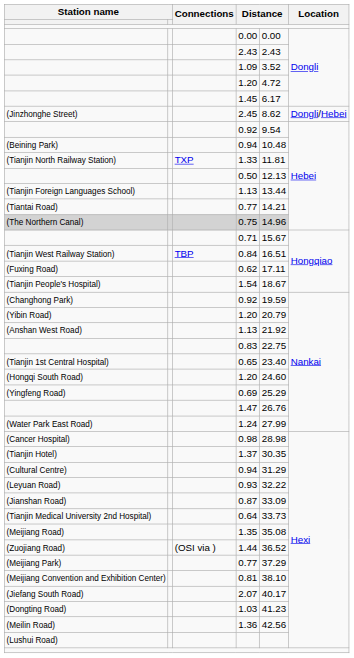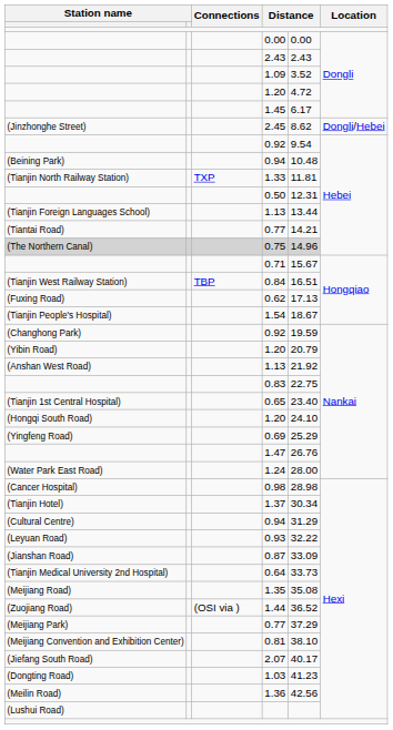 <table class="wikitable">
 <tr>
 <th colspan="2">Station name</th>
 <th rowspan="2">Connections</th>
 <th colspan="2" rowspan="2">Distance<br></th>
 <th rowspan="2">Location</th>
 </tr>
 <tr>
 <th></th>
 <th></th>
 </tr>
 <tr style="background:#">
 <td colspan = "6"></td>
 </tr>
 <tr>
 <td></td>
 <td></td>
 <td></td>
 <td>0.00</td>
 <td>0.00</td>
 <td rowspan="5"><a href='#'>Dongli</a></td>
 </tr>
 <tr>
 <td></td>
 <td></td>
 <td></td>
 <td>2.43</td>
 <td>2.43</td>
 </tr>
 <tr>
 <td></td>
 <td></td>
 <td></td>
 <td>1.09</td>
 <td>3.52</td>
 </tr>
 <tr>
 <td></td>
 <td></td>
 <td></td>
 <td>1.20</td>
 <td>4.72</td>
 </tr>
 <tr>
 <td></td>
 <td></td>
 <td></td>
 <td>1.45</td>
 <td>6.17</td>
 </tr>
 <tr>
 <td> <small>(Jinzhonghe Street)</small></td>
 <td></td>
 <td></td>
 <td>2.45</td>
 <td>8.62</td>
 <td><a href='#'>Dongli</a>/<a href='#'>Hebei</a></td>
 </tr>
 <tr>
 <td></td>
 <td></td>
 <td></td>
 <td>0.92</td>
 <td>9.54</td>
 <td rowspan="7"><a href='#'>Hebei</a></td>
 </tr>
 <tr>
 <td> <small>(Beining Park)</small></td>
 <td></td>
 <td></td>
 <td>0.94</td>
 <td>10.48</td>
 </tr>
 <tr>
 <td> <small>(Tianjin North Railway Station)</small></td>
 <td></td>
 <td>  <a href='#'>TXP</a></td>
 <td>1.33</td>
 <td>11.81</td>
 </tr>
 <tr>
 <td></td>
 <td></td>
 <td></td>
 <td>0.50</td>
-<td>12.13</td>
+<td>12.31</td>
 </tr>
 <tr>
 <td> <small>(Tianjin Foreign Languages School)</small></td>
 <td></td>
 <td></td>
 <td>1.13</td>
 <td>13.44</td>
 </tr>
 <tr>
 <td> <small>(Tiantai Road)</small></td>
 <td></td>
 <td></td>
 <td>0.77</td>
 <td>14.21</td>
 </tr>
 <tr bgcolor="lightgrey">
 <td><em></em> <small>(The Northern Canal)</small></td>
 <td></td>
 <td></td>
 <td>0.75</td>
 <td>14.96</td>
 </tr>
 <tr>
 <td></td>
 <td></td>
 <td></td>
 <td>0.71</td>
 <td>15.67</td>
 <td rowspan="4"><a href='#'>Hongqiao</a></td>
 </tr>
 <tr>
 <td> <small>(Tianjin West Railway Station)</small></td>
 <td></td>
 <td>  <a href='#'>TBP</a></td>
 <td>0.84</td>
 <td>16.51</td>
 </tr>
 <tr>
 <td> <small>(Fuxing Road)</small></td>
 <td></td>
 <td></td>
 <td>0.62</td>
-<td>17.11</td>
+<td>17.13</td>
 </tr>
 <tr>
 <td> <small>(Tianjin People's Hospital)</small></td>
 <td></td>
 <td></td>
 <td>1.54</td>
 <td>18.67</td>
 </tr>
 <tr>
 <td> <small>(Changhong Park)</small></td>
 <td></td>
 <td></td>
 <td>0.92</td>
 <td>19.59</td>
 <td rowspan="9"><a href='#'>Nankai</a></td>
 </tr>
 <tr>
 <td> <small>(Yibin Road)</small></td>
 <td></td>
 <td></td>
 <td>1.20</td>
 <td>20.79</td>
 </tr>
 <tr>
 <td> <small>(Anshan West Road)</small></td>
 <td></td>
 <td></td>
 <td>1.13</td>
 <td>21.92</td>
 </tr>
 <tr>
 <td></td>
 <td></td>
 <td></td>
 <td>0.83</td>
 <td>22.75</td>
 </tr>
 <tr>
 <td> <small>(Tianjin 1st Central Hospital)</small></td>
 <td></td>
 <td></td>
 <td>0.65</td>
 <td>23.40</td>
 </tr>
 <tr>
 <td> <small>(Hongqi South Road)</small></td>
 <td></td>
 <td></td>
 <td>1.20</td>
-<td>24.60</td>
+<td>24.10</td>
 </tr>
 <tr>
 <td> <small>(Yingfeng Road)</small></td>
 <td></td>
 <td></td>
 <td>0.69</td>
 <td>25.29</td>
 </tr>
 <tr>
 <td></td>
 <td></td>
 <td></td>
 <td>1.47</td>
 <td>26.76</td>
 </tr>
 <tr>
 <td> <small>(Water Park East Road)</small></td>
 <td></td>
 <td></td>
 <td>1.24</td>
-<td>27.99</td>
+<td>28.00</td>
 </tr>
 <tr>
 <td> <small>(Cancer Hospital)</small></td>
 <td></td>
 <td></td>
 <td>0.98</td>
 <td>28.98</td>
 <td rowspan="14"><a href='#'>Hexi</a></td>
 </tr>
 <tr>
 <td> <small>(Tianjin Hotel)</small></td>
 <td></td>
 <td></td>
 <td>1.37</td>
-<td>30.35</td>
+<td>30.34</td>
 </tr>
 <tr>
 <td> <small>(Cultural Centre)</small></td>
 <td></td>
 <td></td>
 <td>0.94</td>
 <td>31.29</td>
 </tr>
 <tr>
 <td> <small>(Leyuan Road)</small></td>
 <td></td>
 <td></td>
 <td>0.93</td>
 <td>32.22</td>
 </tr>
 <tr>
 <td> <small>(Jianshan Road)</small></td>
 <td></td>
 <td></td>
 <td>0.87</td>
 <td>33.09</td>
 </tr>
 <tr>
 <td> <small>(Tianjin Medical University 2nd Hospital)</small></td>
 <td></td>
 <td></td>
 <td>0.64</td>
 <td>33.73</td>
 </tr>
 <tr>
 <td> <small>(Meijiang Road)</small></td>
 <td></td>
 <td></td>
 <td>1.35</td>
 <td>35.08</td>
 </tr>
 <tr>
 <td> <small>(Zuojiang Road)</small></td>
 <td></td>
 <td> (OSI via )</td>
 <td>1.44</td>
 <td>36.52</td>
 </tr>
 <tr>
 <td> <small>(Meijiang Park)</small></td>
 <td></td>
 <td></td>
 <td>0.77</td>
 <td>37.29</td>
 </tr>
 <tr>
 <td> <small>(Meijiang Convention and Exhibition Center)</small></td>
 <td></td>
 <td></td>
 <td>0.81</td>
 <td>38.10</td>
 </tr>
 <tr>
 <td> <small>(Jiefang South Road)</small></td>
 <td></td>
 <td></td>
 <td>2.07</td>
 <td>40.17</td>
 </tr>
 <tr>
 <td> <small>(Dongting Road)</small></td>
 <td></td>
 <td></td>
 <td>1.03</td>
 <td>41.23</td>
 </tr>
 <tr>
 <td> <small>(Meilin Road)</small></td>
 <td></td>
 <td></td>
 <td>1.36</td>
 <td>42.56</td>
 </tr>
 <tr>
 <td> <small>(Lushui Road)</small></td>
 <td></td>
 <td></td>
 <td></td>
 <td></td>
 </tr>
 <tr style="background:#">
 <td colspan = "6"></td>
 </tr>
 </table>
